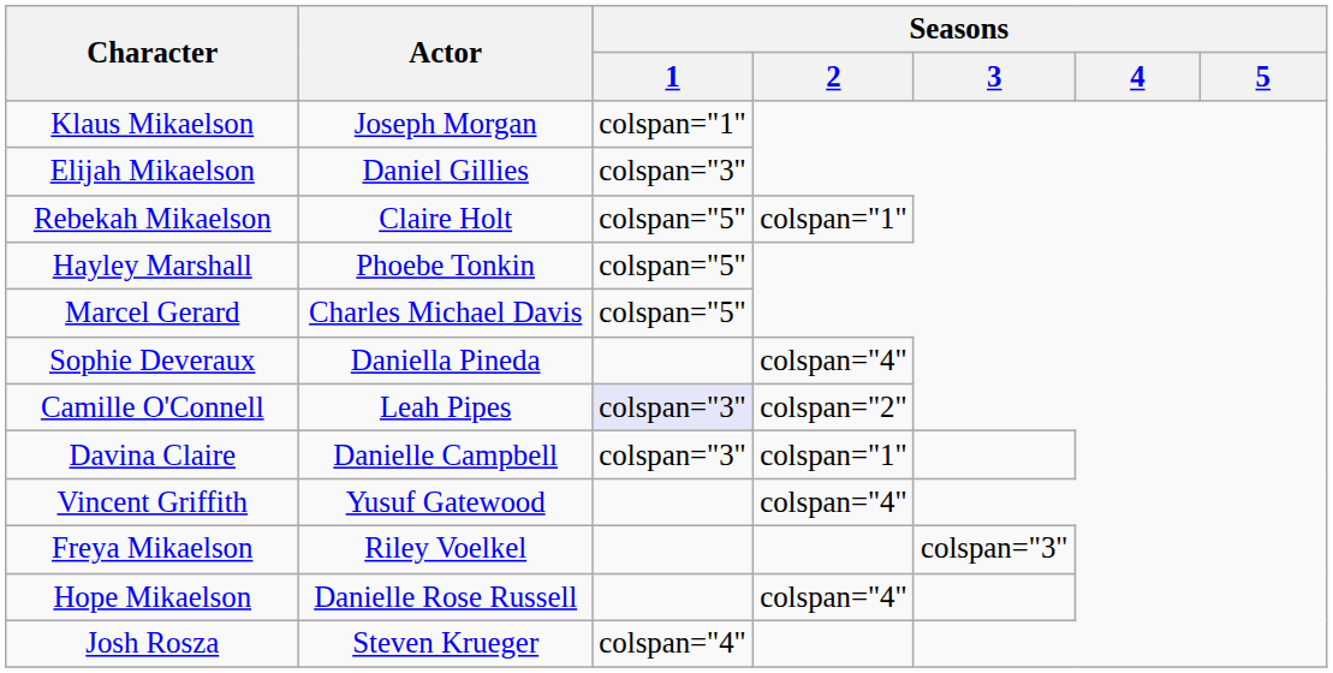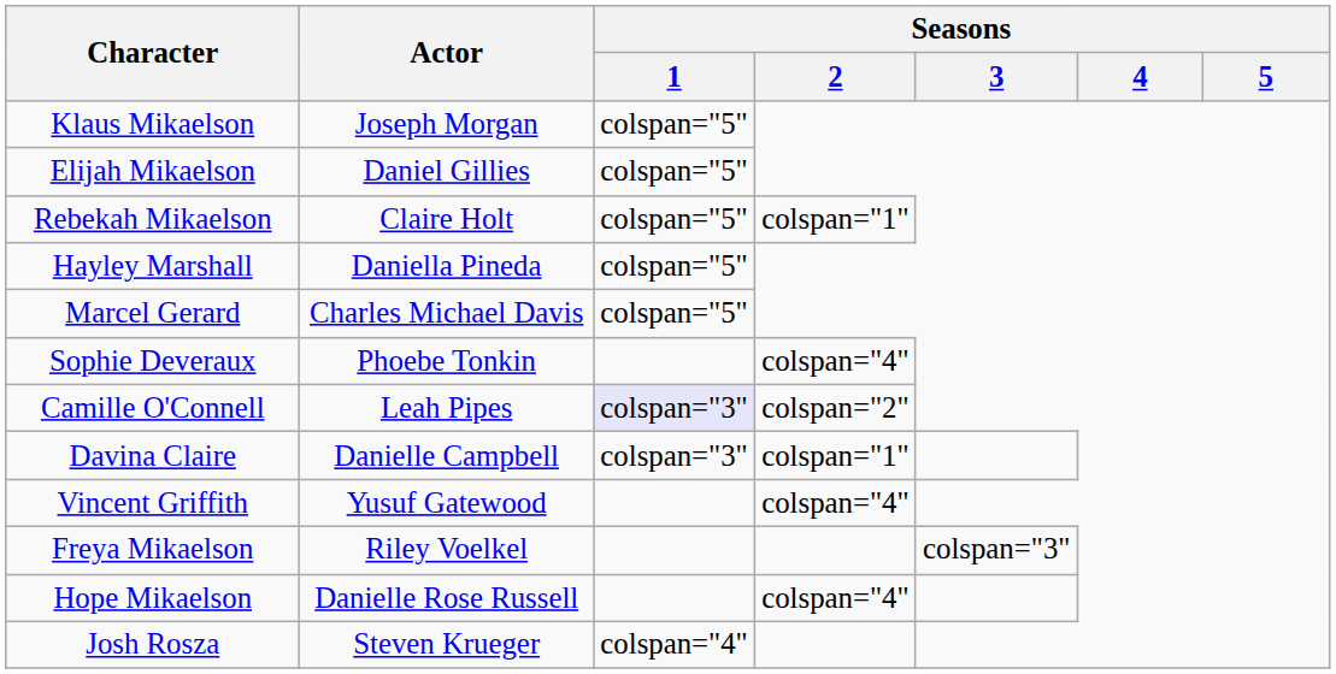 <table class="wikitable" style="text-align:center;">
 <tr>
 <th rowspan="2" style="width:150px;">Character</th>
 <th rowspan="2" style="width:150px;">Actor</th>
 <th colspan="5">Seasons</th>
 </tr>
 <tr>
 <th style="width:60px;"><a href='#'>1</a></th>
 <th style="width:60px;"><a href='#'>2</a></th>
 <th style="width:60px;"><a href='#'>3</a></th>
 <th style="width:60px;"><a href='#'>4</a></th>
 <th style="width:60px;"><a href='#'>5</a></th>
 </tr>
 <tr>
 <td><a href='#'>Klaus Mikaelson</a></td>
 <td><a href='#'>Joseph Morgan</a></td>
-<td>colspan="1" </td>
+<td>colspan="5" </td>
 </tr>
 <tr>
 <td><a href='#'>Elijah Mikaelson</a></td>
 <td><a href='#'>Daniel Gillies</a></td>
-<td>colspan="3" </td>
+<td>colspan="5" </td>
 </tr>
 <tr>
 <td><a href='#'>Rebekah Mikaelson</a></td>
 <td><a href='#'>Claire Holt</a></td>
 <td>colspan="5" </td>
 <td>colspan="1" </td>
 </tr>
 <tr>
 <td><a href='#'>Hayley Marshall</a></td>
-<td><a href='#'>Phoebe Tonkin</a></td>
+<td><a href='#'>Daniella Pineda</a></td>
 <td>colspan="5" </td>
 </tr>
 <tr>
 <td><a href='#'>Marcel Gerard</a></td>
 <td><a href='#'>Charles Michael Davis</a></td>
 <td>colspan="5" </td>
 </tr>
 <tr>
 <td><a href='#'>Sophie Deveraux</a></td>
-<td><a href='#'>Daniella Pineda</a></td>
+<td><a href='#'>Phoebe Tonkin</a></td>
 <td></td>
 <td>colspan="4" </td>
 </tr>
 <tr>
 <td><a href='#'>Camille O'Connell</a></td>
 <td><a href='#'>Leah Pipes</a></td>
 <td style="background: lavender;">colspan="3" </td>
 <td>colspan="2" </td>
 </tr>
 <tr>
 <td><a href='#'>Davina Claire</a></td>
 <td><a href='#'>Danielle Campbell</a></td>
 <td>colspan="3" </td>
 <td>colspan="1" </td>
 <td></td>
 </tr>
 <tr>
 <td><a href='#'>Vincent Griffith</a></td>
 <td><a href='#'>Yusuf Gatewood</a></td>
 <td></td>
 <td>colspan="4" </td>
 </tr>
 <tr>
 <td><a href='#'>Freya Mikaelson</a></td>
 <td><a href='#'>Riley Voelkel</a></td>
 <td></td>
 <td></td>
 <td>colspan="3" </td>
 </tr>
 <tr>
 <td><a href='#'>Hope Mikaelson</a></td>
 <td><a href='#'>Danielle Rose Russell</a></td>
 <td></td>
 <td>colspan="4" </td>
 <td></td>
 </tr>
 <tr>
 <td><a href='#'>Josh Rosza</a></td>
 <td><a href='#'>Steven Krueger</a></td>
 <td>colspan="4" </td>
 <td></td>
 </tr>
 </table>
